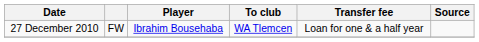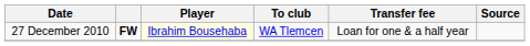 <table class="wikitable sortable" style="width:70%; text-align:center; font-size:85%; text-align:centre;">
 <tr>
 <th><strong>Date</strong></th>
 <th><strong></strong></th>
 <th><strong>Player</strong></th>
 <th><strong>To club</strong></th>
 <th><strong>Transfer fee</strong></th>
 <th><strong>Source</strong></th>
 </tr>
 <tr>
 <td>27 December 2010</td>
-<td>FW</td>
-<td> <a href='#'>Ibrahim Bousehaba</a></td>
+<td><strong>FW</strong></td>
+<td style="background: lightyellow;"> <a href='#'>Ibrahim Bousehaba</a></td>
 <td><a href='#'>WA Tlemcen</a></td>
 <td>Loan for one & a half year</td>
 <td></td>
 </tr>
 <tr>
 </tr>
 </table>
